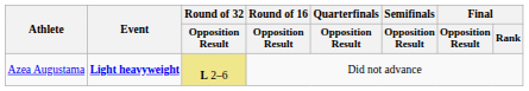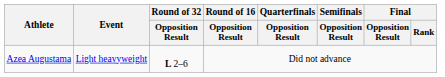 <table class="wikitable" style="font-size:90%">
 <tr>
 <th rowspan="2">Athlete</th>
 <th rowspan="2">Event</th>
 <th>Round of 32</th>
 <th>Round of 16</th>
 <th>Quarterfinals</th>
 <th>Semifinals</th>
 <th colspan=2>Final</th>
 </tr>
 <tr style="font-size:95%">
 <th>Opposition<br>Result</th>
 <th>Opposition<br>Result</th>
 <th>Opposition<br>Result</th>
 <th>Opposition<br>Result</th>
 <th>Opposition<br>Result</th>
 <th>Rank</th>
 </tr>
 <tr align=center>
 <td align=left><a href='#'>Azea Augustama</a></td>
-<td align=left><strong><a href='#'>Light heavyweight</a></strong></td>
-<td style="background: khaki;"><br><strong>L</strong> 2–6</td>
+<td align=left><a href='#'>Light heavyweight</a></td>
+<td><br><strong>L</strong> 2–6</td>
 <td colspan=5>Did not advance</td>
 </tr>
 </table>
